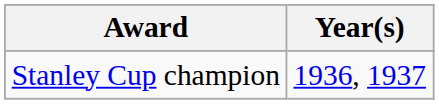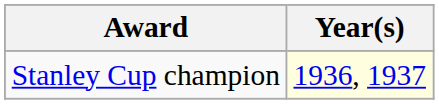 <table class="wikitable">
 <tr>
 <th>Award</th>
 <th>Year(s)</th>
 </tr>
 <tr>
 <td><a href='#'>Stanley Cup</a> champion</td>
-<td><a href='#'>1936</a>, <a href='#'>1937</a></td>
+<td style="background: lightyellow;"><a href='#'>1936</a>, <a href='#'>1937</a></td>
 </tr>
 </table>
